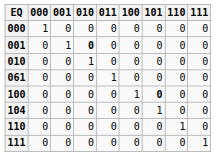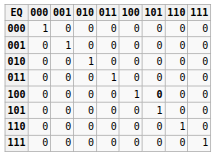 <table class="wikitable" style="font-family: monospace; text-align: right; margin-left: auto; margin-right: auto; border: none;">
 <tr>
 <th>EQ</th>
 <th>000</th>
 <th>001</th>
 <th>010</th>
 <th>011</th>
 <th>100</th>
 <th>101</th>
 <th>110</th>
 <th>111</th>
 </tr>
 <tr>
 <th>000</th>
 <td>1</td>
 <td>0</td>
 <td>0</td>
 <td>0</td>
 <td>0</td>
 <td>0</td>
 <td>0</td>
 <td>0</td>
 </tr>
 <tr>
 <th>001</th>
 <td>0</td>
 <td>1</td>
-<td><strong>0</strong></td>
+<td>0</td>
 <td>0</td>
 <td>0</td>
 <td>0</td>
 <td>0</td>
 <td>0</td>
 </tr>
 <tr>
 <th>010</th>
 <td>0</td>
 <td>0</td>
 <td>1</td>
 <td>0</td>
 <td>0</td>
 <td>0</td>
 <td>0</td>
 <td>0</td>
 </tr>
 <tr>
-<th>061</th>
+<th>011</th>
 <td>0</td>
 <td>0</td>
 <td>0</td>
 <td>1</td>
 <td>0</td>
 <td>0</td>
 <td>0</td>
 <td>0</td>
 </tr>
 <tr>
 <th>100</th>
 <td>0</td>
 <td>0</td>
 <td>0</td>
 <td>0</td>
 <td>1</td>
 <td><strong>0</strong></td>
 <td>0</td>
 <td>0</td>
 </tr>
 <tr>
-<th>104</th>
+<th>101</th>
 <td>0</td>
 <td>0</td>
 <td>0</td>
 <td>0</td>
 <td>0</td>
 <td>1</td>
 <td>0</td>
 <td>0</td>
 </tr>
 <tr>
 <th>110</th>
 <td>0</td>
 <td>0</td>
 <td>0</td>
 <td>0</td>
 <td>0</td>
 <td>0</td>
 <td>1</td>
 <td>0</td>
 </tr>
 <tr>
 <th>111</th>
 <td>0</td>
 <td>0</td>
 <td>0</td>
 <td>0</td>
 <td>0</td>
 <td>0</td>
 <td>0</td>
 <td>1</td>
 </tr>
 <tr>
 </tr>
 </table>
